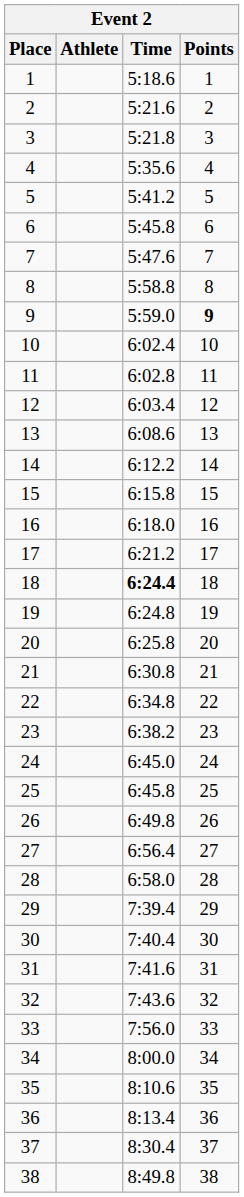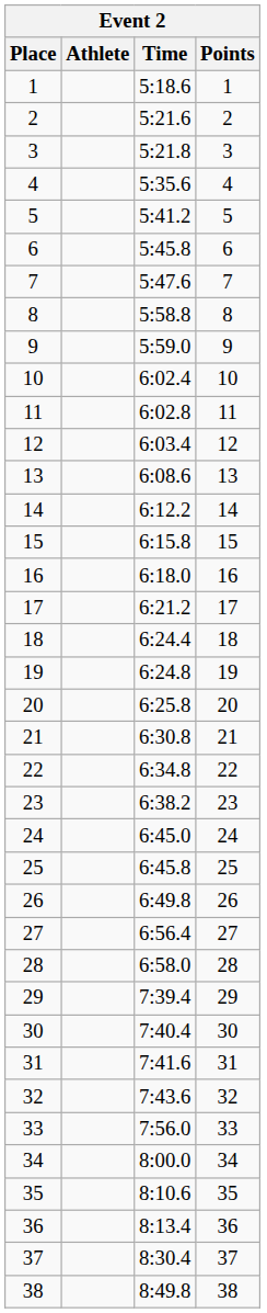 <table class=wikitable style="text-align:center">
 <tr>
 <th colspan=4>Event 2</th>
 </tr>
 <tr>
 <th>Place</th>
 <th>Athlete</th>
 <th>Time</th>
 <th>Points</th>
 </tr>
 <tr>
 <td>1</td>
 <td align=left></td>
 <td>5:18.6</td>
 <td>1</td>
 </tr>
 <tr>
 <td>2</td>
 <td align=left></td>
 <td>5:21.6</td>
 <td>2</td>
 </tr>
 <tr>
 <td>3</td>
 <td align=left></td>
 <td>5:21.8</td>
 <td>3</td>
 </tr>
 <tr>
 <td>4</td>
 <td align=left></td>
 <td>5:35.6</td>
 <td>4</td>
 </tr>
 <tr>
 <td>5</td>
 <td align=left></td>
 <td>5:41.2</td>
 <td>5</td>
 </tr>
 <tr>
 <td>6</td>
 <td align=left></td>
 <td>5:45.8</td>
 <td>6</td>
 </tr>
 <tr>
 <td>7</td>
 <td align=left></td>
 <td>5:47.6</td>
 <td>7</td>
 </tr>
 <tr>
 <td>8</td>
 <td align=left></td>
 <td>5:58.8</td>
 <td>8</td>
 </tr>
 <tr>
 <td>9</td>
 <td align=left></td>
 <td>5:59.0</td>
-<td><strong>9</strong></td>
+<td>9</td>
 </tr>
 <tr>
 <td>10</td>
 <td align=left></td>
 <td>6:02.4</td>
 <td>10</td>
 </tr>
 <tr>
 <td>11</td>
 <td align=left></td>
 <td>6:02.8</td>
 <td>11</td>
 </tr>
 <tr>
 <td>12</td>
 <td align=left></td>
 <td>6:03.4</td>
 <td>12</td>
 </tr>
 <tr>
 <td>13</td>
 <td align=left></td>
 <td>6:08.6</td>
 <td>13</td>
 </tr>
 <tr>
 <td>14</td>
 <td align=left></td>
 <td>6:12.2</td>
 <td>14</td>
 </tr>
 <tr>
 <td>15</td>
 <td align=left></td>
 <td>6:15.8</td>
 <td>15</td>
 </tr>
 <tr>
 <td>16</td>
 <td align=left></td>
 <td>6:18.0</td>
 <td>16</td>
 </tr>
 <tr>
 <td>17</td>
 <td align=left></td>
 <td>6:21.2</td>
 <td>17</td>
 </tr>
 <tr>
 <td>18</td>
 <td align=left></td>
-<td><strong>6:24.4</strong></td>
+<td>6:24.4</td>
 <td>18</td>
 </tr>
 <tr>
 <td>19</td>
 <td align=left></td>
 <td>6:24.8</td>
 <td>19</td>
 </tr>
 <tr>
 <td>20</td>
 <td align=left></td>
 <td>6:25.8</td>
 <td>20</td>
 </tr>
 <tr>
 <td>21</td>
 <td align=left></td>
 <td>6:30.8</td>
 <td>21</td>
 </tr>
 <tr>
 <td>22</td>
 <td align=left></td>
 <td>6:34.8</td>
 <td>22</td>
 </tr>
 <tr>
 <td>23</td>
 <td align=left></td>
 <td>6:38.2</td>
 <td>23</td>
 </tr>
 <tr>
 <td>24</td>
 <td align=left></td>
 <td>6:45.0</td>
 <td>24</td>
 </tr>
 <tr>
 <td>25</td>
 <td align=left></td>
 <td>6:45.8</td>
 <td>25</td>
 </tr>
 <tr>
 <td>26</td>
 <td align=left></td>
 <td>6:49.8</td>
 <td>26</td>
 </tr>
 <tr>
 <td>27</td>
 <td align=left></td>
 <td>6:56.4</td>
 <td>27</td>
 </tr>
 <tr>
 <td>28</td>
 <td align=left></td>
 <td>6:58.0</td>
 <td>28</td>
 </tr>
 <tr>
 <td>29</td>
 <td align=left></td>
 <td>7:39.4</td>
 <td>29</td>
 </tr>
 <tr>
 <td>30</td>
 <td align=left></td>
 <td>7:40.4</td>
 <td>30</td>
 </tr>
 <tr>
 <td>31</td>
 <td align=left></td>
 <td>7:41.6</td>
 <td>31</td>
 </tr>
 <tr>
 <td>32</td>
 <td align=left></td>
 <td>7:43.6</td>
 <td>32</td>
 </tr>
 <tr>
 <td>33</td>
 <td align=left></td>
 <td>7:56.0</td>
 <td>33</td>
 </tr>
 <tr>
 <td>34</td>
 <td align=left></td>
 <td>8:00.0</td>
 <td>34</td>
 </tr>
 <tr>
 <td>35</td>
 <td align=left></td>
 <td>8:10.6</td>
 <td>35</td>
 </tr>
 <tr>
 <td>36</td>
 <td align=left></td>
 <td>8:13.4</td>
 <td>36</td>
 </tr>
 <tr>
 <td>37</td>
 <td align=left></td>
 <td>8:30.4</td>
 <td>37</td>
 </tr>
 <tr>
 <td>38</td>
 <td align=left></td>
 <td>8:49.8</td>
 <td>38</td>
 </tr>
 </table>
